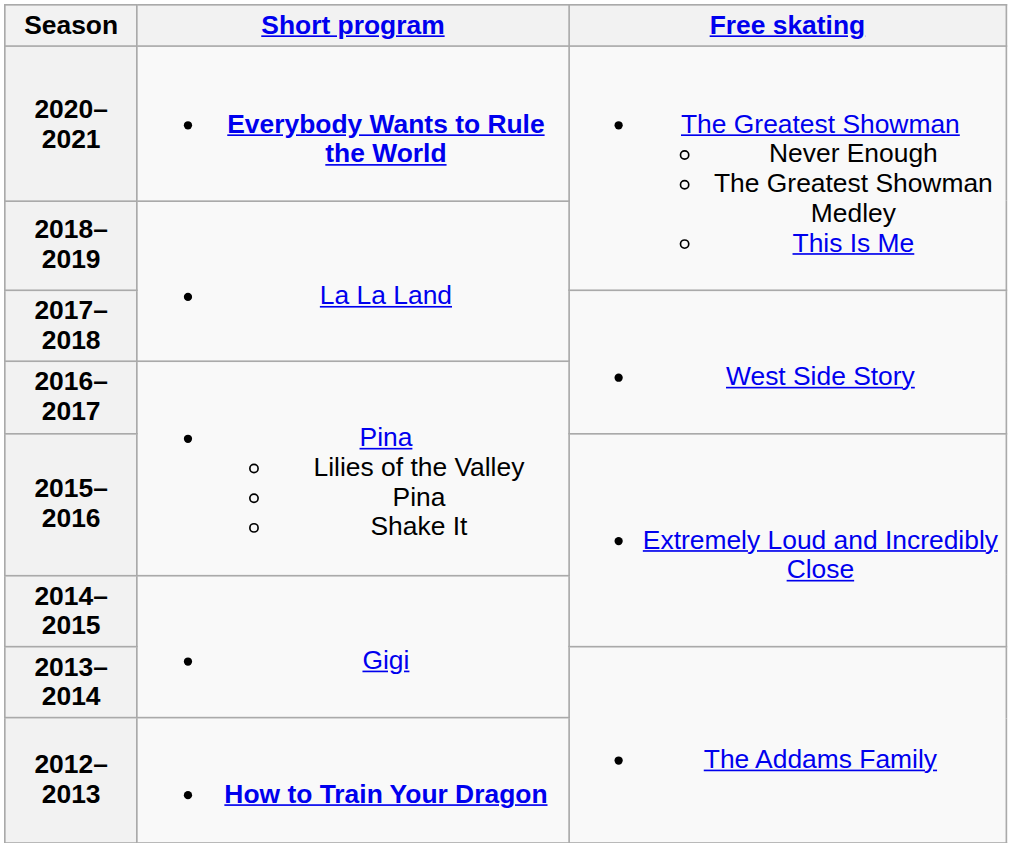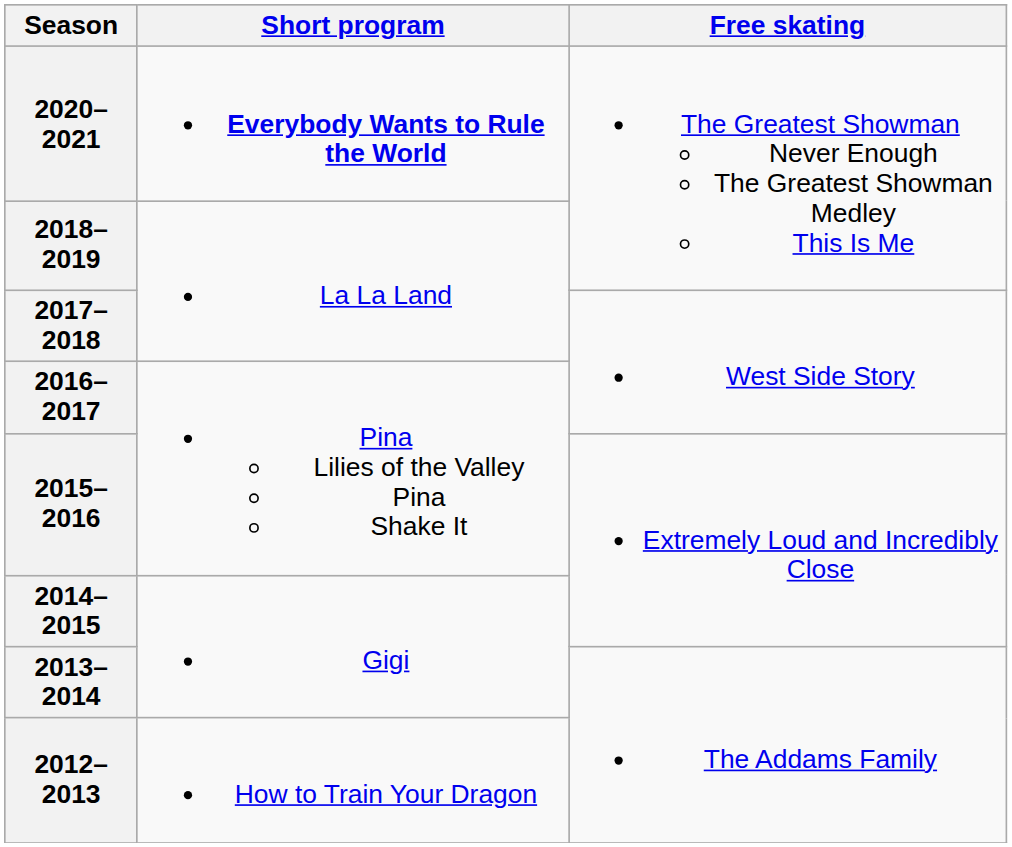 <table class=wikitable style=text-align:center>
 <tr>
 <th>Season</th>
 <th><a href='#'>Short program</a></th>
 <th><a href='#'>Free skating</a></th>
 </tr>
 <tr>
 <th>2020–2021 <br> </th>
 <td><strong><br><ul><li><a href='#'>Everybody Wants to Rule the World</a> <br></li></ul></strong></td>
 <td rowspan=2><br><ul><li><a href='#'>The Greatest Showman</a> <br><ul><li>Never Enough</li><li>The Greatest Showman Medley <br></li><li><a href='#'>This Is Me</a></li></ul></li></ul></td>
 </tr>
 <tr>
 <th>2018–2019 <br> </th>
 <td rowspan=2><br><ul><li><a href='#'>La La Land</a> <br></li></ul></td>
 </tr>
 <tr>
 <th>2017–2018 <br> </th>
 <td rowspan=2><br><ul><li><a href='#'>West Side Story</a> <br></li></ul></td>
 </tr>
 <tr>
 <th>2016–2017 <br> </th>
 <td rowspan=2><br><ul><li><a href='#'>Pina</a> <br><ul><li>Lilies of the Valley</li><li>Pina</li><li>Shake It</li></ul></li></ul></td>
 </tr>
 <tr>
 <th>2015–2016 <br> </th>
 <td rowspan=2><br><ul><li><a href='#'>Extremely Loud and Incredibly Close</a> <br></li></ul></td>
 </tr>
 <tr>
 <th>2014–2015 <br> </th>
 <td rowspan=2><br><ul><li><a href='#'>Gigi</a> <br></li></ul></td>
 </tr>
 <tr>
 <th>2013–2014</th>
 <td rowspan=2><br><ul><li><a href='#'>The Addams Family</a> <br></li></ul></td>
 </tr>
 <tr>
 <th>2012–2013</th>
-<td><strong><br><ul><li><a href='#'>How to Train Your Dragon</a> <br></li></ul></strong></td>
+<td><br><ul><li><a href='#'>How to Train Your Dragon</a> <br></li></ul></td>
 </tr>
 </table>
